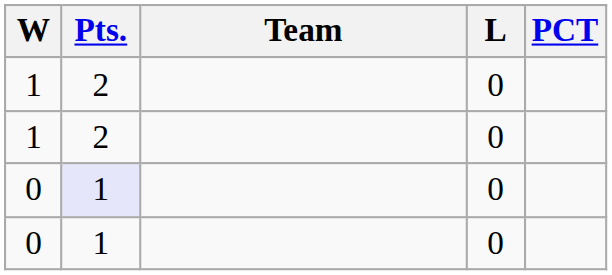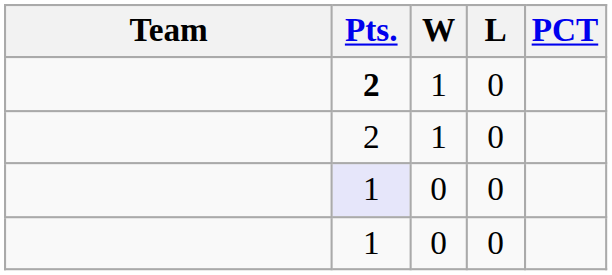 <table class=wikitable>
 <tr align=center>
+<th width=150px>Team</th>
+<th width=30px><a href='#'>Pts.</a></th>
 <th width=20px>W</th>
-<th width=30px><a href='#'>Pts.</a></th>
-<th width=150px>Team</th>
 <th width=20px>L</th>
 <th><a href='#'>PCT</a></th>
 </tr>
 <tr align=center>
+<td align=left></td>
+<td><strong>2</strong></td>
 <td>1</td>
-<td>2</td>
-<td align=left></td>
 <td>0</td>
 <td></td>
 </tr>
 <tr align=center>
+<td align=left></td>
+<td>2</td>
 <td>1</td>
-<td>2</td>
-<td align=left></td>
 <td>0</td>
 <td></td>
 </tr>
 <tr align=center>
+<td align=left></td>
+<td style="background: lavender;">1</td>
 <td>0</td>
-<td style="background: lavender;">1</td>
-<td align=left></td>
 <td>0</td>
 <td></td>
 </tr>
 <tr align=center>
+<td align=left></td>
+<td>1</td>
 <td>0</td>
-<td>1</td>
-<td align=left></td>
 <td>0</td>
 <td></td>
 </tr>
 </table>
